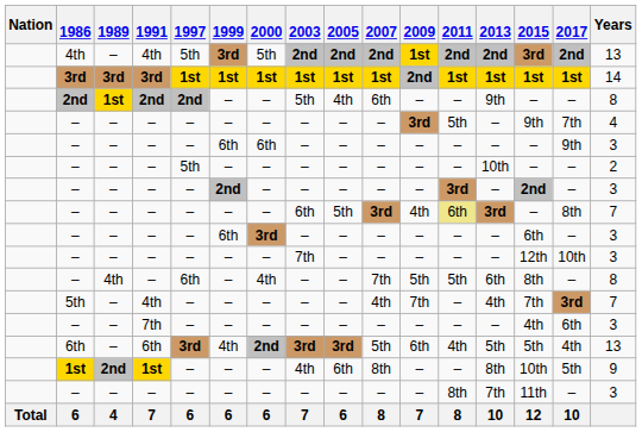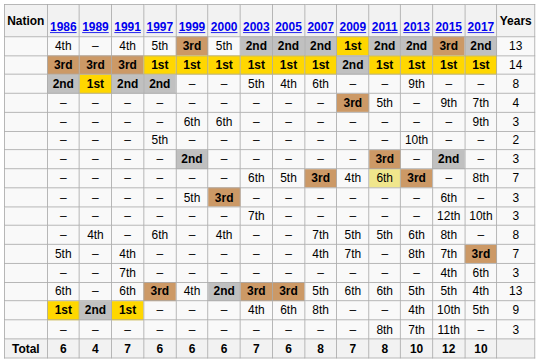 <table class="wikitable" style="text-align:center; font-size:90%">
 <tr>
 <th>Nation</th>
 <th><br><a href='#'>1986</a></th>
 <th><br><a href='#'>1989</a></th>
 <th><br><a href='#'>1991</a></th>
 <th><br><a href='#'>1997</a></th>
 <th><br><a href='#'>1999</a></th>
 <th><br><a href='#'>2000</a></th>
 <th><br><a href='#'>2003</a></th>
 <th><br><a href='#'>2005</a></th>
 <th><br><a href='#'>2007</a></th>
 <th><br><a href='#'>2009</a></th>
 <th><br><a href='#'>2011</a></th>
 <th><br><a href='#'>2013</a></th>
 <th><br><a href='#'>2015</a></th>
 <th><br><a href='#'>2017</a></th>
 <th>Years</th>
 </tr>
 <tr>
 <td align=left></td>
 <td>4th</td>
 <td>–</td>
 <td>4th</td>
 <td>5th</td>
 <td bgcolor=#cc9966><strong>3rd</strong></td>
 <td>5th</td>
 <td bgcolor=silver><strong>2nd</strong></td>
 <td bgcolor=silver><strong>2nd</strong></td>
 <td bgcolor=silver><strong>2nd</strong></td>
 <td bgcolor=gold><strong>1st</strong></td>
 <td bgcolor=silver><strong>2nd</strong></td>
 <td bgcolor=silver><strong>2nd</strong></td>
 <td bgcolor=#cc9966><strong>3rd</strong></td>
 <td bgcolor=silver><strong>2nd</strong></td>
 <td>13</td>
 </tr>
 <tr>
 <td align=left></td>
 <td bgcolor=#cc9966><strong>3rd</strong></td>
 <td bgcolor=#cc9966><strong>3rd</strong></td>
 <td bgcolor=#cc9966><strong>3rd</strong></td>
 <td bgcolor=gold><strong>1st</strong></td>
 <td bgcolor=gold><strong>1st</strong></td>
 <td bgcolor=gold><strong>1st</strong></td>
 <td bgcolor=gold><strong>1st</strong></td>
 <td bgcolor=gold><strong>1st</strong></td>
 <td bgcolor=gold><strong>1st</strong></td>
 <td bgcolor=silver><strong>2nd</strong></td>
 <td bgcolor=gold><strong>1st</strong></td>
 <td bgcolor=gold><strong>1st</strong></td>
 <td bgcolor=gold><strong>1st</strong></td>
 <td bgcolor=gold><strong>1st</strong></td>
 <td>14</td>
 </tr>
 <tr>
 <td align=left></td>
 <td bgcolor=silver><strong>2nd</strong></td>
 <td bgcolor=gold><strong>1st</strong></td>
 <td bgcolor=silver><strong>2nd</strong></td>
 <td bgcolor=silver><strong>2nd</strong></td>
 <td>–</td>
 <td>–</td>
 <td>5th</td>
 <td>4th</td>
 <td>6th</td>
 <td>–</td>
 <td>–</td>
 <td>9th</td>
 <td>–</td>
 <td>–</td>
 <td>8</td>
 </tr>
 <tr>
 <td align=left></td>
 <td>–</td>
 <td>–</td>
 <td>–</td>
 <td>–</td>
 <td>–</td>
 <td>–</td>
 <td>–</td>
 <td>–</td>
 <td>–</td>
 <td bgcolor=#cc9966><strong>3rd</strong></td>
 <td>5th</td>
 <td>–</td>
 <td>9th</td>
 <td>7th</td>
 <td>4</td>
 </tr>
 <tr>
 <td align=left></td>
 <td>–</td>
 <td>–</td>
 <td>–</td>
 <td>–</td>
 <td>6th</td>
 <td>6th</td>
 <td>–</td>
 <td>–</td>
 <td>–</td>
 <td>–</td>
 <td>–</td>
 <td>–</td>
 <td>–</td>
 <td>9th</td>
 <td>3</td>
 </tr>
 <tr>
 <td align=left></td>
 <td>–</td>
 <td>–</td>
 <td>–</td>
 <td>5th</td>
 <td>–</td>
 <td>–</td>
 <td>–</td>
 <td>–</td>
 <td>–</td>
 <td>–</td>
 <td>–</td>
 <td>10th</td>
 <td>–</td>
 <td>–</td>
 <td>2</td>
 </tr>
 <tr>
 <td align=left></td>
 <td>–</td>
 <td>–</td>
 <td>–</td>
 <td>–</td>
 <td bgcolor=silver><strong>2nd</strong></td>
 <td>–</td>
 <td>–</td>
 <td>–</td>
 <td>–</td>
 <td>–</td>
 <td bgcolor=#cc9966><strong>3rd</strong></td>
 <td>–</td>
 <td bgcolor=silver><strong>2nd</strong></td>
 <td>–</td>
 <td>3</td>
 </tr>
 <tr>
 <td align=left></td>
 <td>–</td>
 <td>–</td>
 <td>–</td>
 <td>–</td>
 <td>–</td>
 <td>–</td>
 <td>6th</td>
 <td>5th</td>
 <td bgcolor=#cc9966><strong>3rd</strong></td>
 <td>4th</td>
 <td style="background: khaki;">6th</td>
 <td bgcolor=#cc9966><strong>3rd</strong></td>
 <td>–</td>
 <td>8th</td>
 <td>7</td>
 </tr>
 <tr>
 <td align=left></td>
 <td>–</td>
 <td>–</td>
 <td>–</td>
 <td>–</td>
-<td>6th</td>
+<td>5th</td>
 <td bgcolor=#cc9966><strong>3rd</strong></td>
 <td>–</td>
 <td>–</td>
 <td>–</td>
 <td>–</td>
 <td>–</td>
 <td>–</td>
 <td>6th</td>
 <td>–</td>
 <td>3</td>
 </tr>
 <tr>
 <td align=left></td>
 <td>–</td>
 <td>–</td>
 <td>–</td>
 <td>–</td>
 <td>–</td>
 <td>–</td>
 <td>7th</td>
 <td>–</td>
 <td>–</td>
 <td>–</td>
 <td>–</td>
 <td>–</td>
 <td>12th</td>
 <td>10th</td>
 <td>3</td>
 </tr>
 <tr>
 <td align=left></td>
 <td>–</td>
 <td>4th</td>
 <td>–</td>
 <td>6th</td>
 <td>–</td>
 <td>4th</td>
 <td>–</td>
 <td>–</td>
 <td>7th</td>
 <td>5th</td>
 <td>5th</td>
 <td>6th</td>
 <td>8th</td>
 <td>–</td>
 <td>8</td>
 </tr>
 <tr>
 <td align=left></td>
 <td>5th</td>
 <td>–</td>
 <td>4th</td>
 <td>–</td>
 <td>–</td>
 <td>–</td>
 <td>–</td>
 <td>–</td>
 <td>4th</td>
 <td>7th</td>
 <td>–</td>
-<td>4th</td>
+<td>8th</td>
 <td>7th</td>
 <td bgcolor=#cc9966><strong>3rd</strong></td>
 <td>7</td>
 </tr>
 <tr>
 <td align=left></td>
 <td>–</td>
 <td>–</td>
 <td>7th</td>
 <td>–</td>
 <td>–</td>
 <td>–</td>
 <td>–</td>
 <td>–</td>
 <td>–</td>
 <td>–</td>
 <td>–</td>
 <td>–</td>
 <td>4th</td>
 <td>6th</td>
 <td>3</td>
 </tr>
 <tr>
 <td align=left></td>
 <td>6th</td>
 <td>–</td>
 <td>6th</td>
 <td bgcolor=#cc9966><strong>3rd</strong></td>
 <td>4th</td>
 <td bgcolor=silver><strong>2nd</strong></td>
 <td bgcolor=#cc9966><strong>3rd</strong></td>
 <td bgcolor=#cc9966><strong>3rd</strong></td>
 <td>5th</td>
 <td>6th</td>
-<td>4th</td>
+<td>6th</td>
 <td>5th</td>
 <td>5th</td>
 <td>4th</td>
 <td>13</td>
 </tr>
 <tr>
 <td align=left></td>
 <td bgcolor=gold><strong>1st</strong></td>
 <td bgcolor=silver><strong>2nd</strong></td>
 <td bgcolor=gold><strong>1st</strong></td>
 <td>–</td>
 <td>–</td>
 <td>–</td>
 <td>4th</td>
 <td>6th</td>
 <td>8th</td>
 <td>–</td>
 <td>–</td>
-<td>8th</td>
+<td>4th</td>
 <td>10th</td>
 <td>5th</td>
 <td>9</td>
 </tr>
 <tr>
 <td align=left></td>
 <td>–</td>
 <td>–</td>
 <td>–</td>
 <td>–</td>
 <td>–</td>
 <td>–</td>
 <td>–</td>
 <td>–</td>
 <td>–</td>
 <td>–</td>
 <td>8th</td>
 <td>7th</td>
 <td>11th</td>
 <td>–</td>
 <td>3</td>
 </tr>
 <tr>
 <th>Total</th>
 <th>6</th>
 <th>4</th>
 <th>7</th>
 <th>6</th>
 <th>6</th>
 <th>6</th>
 <th>7</th>
 <th>6</th>
 <th>8</th>
 <th>7</th>
 <th>8</th>
 <th>10</th>
 <th>12</th>
 <th>10</th>
 <th></th>
 </tr>
 </table>
